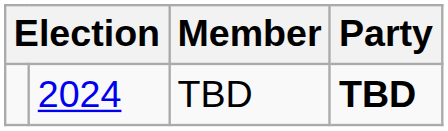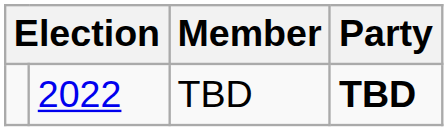 <table class="wikitable">
 <tr>
 <th colspan="2">Election</th>
 <th>Member</th>
 <th>Party</th>
 </tr>
 <tr>
 <td></td>
-<td><a href='#'>2024</a></td>
+<td><a href='#'>2022</a></td>
 <td>TBD</td>
 <td><strong>TBD</strong></td>
 </tr>
 </table>
